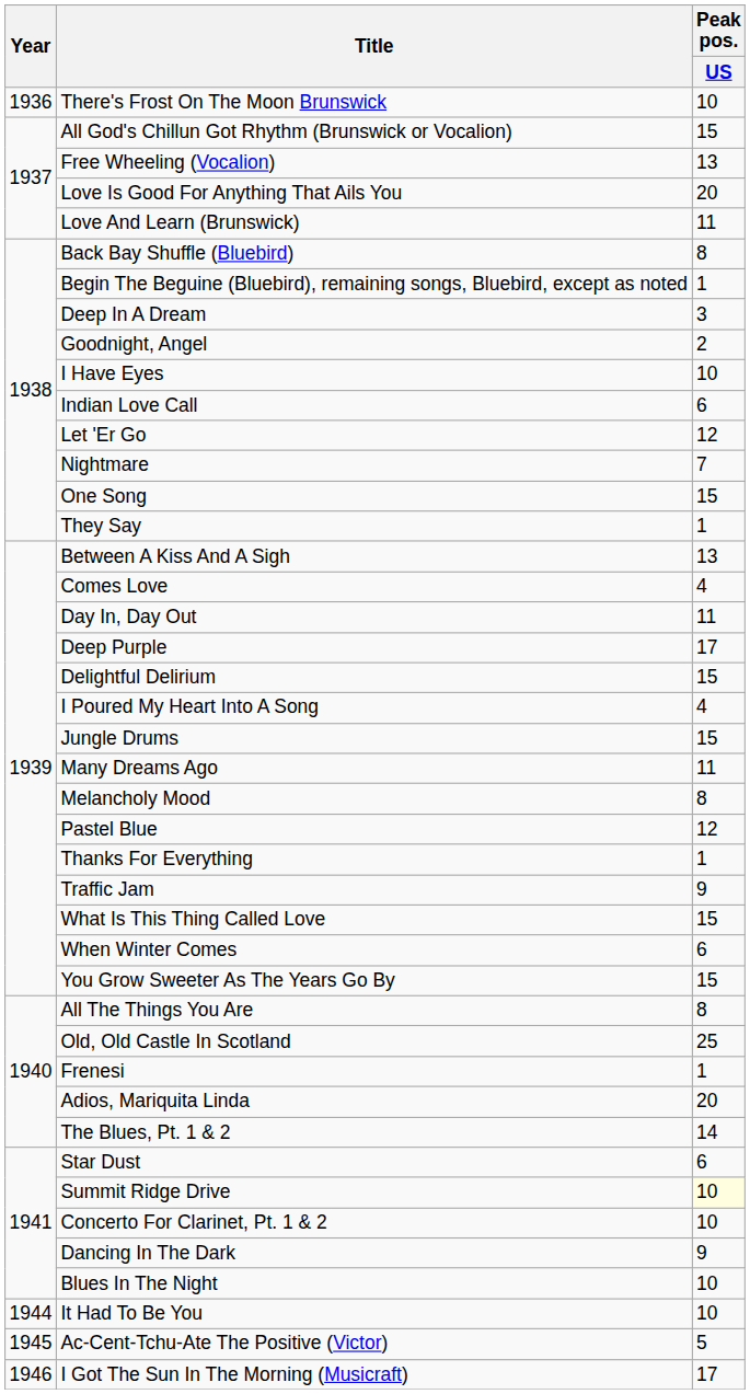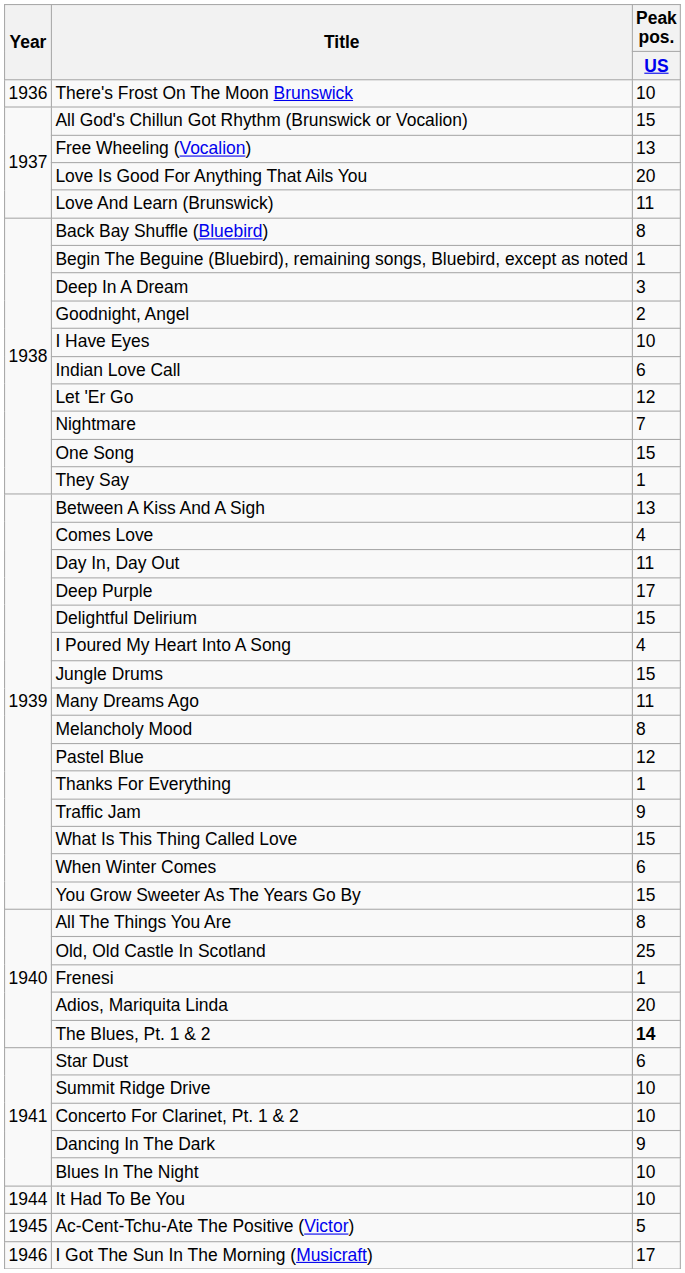 <table class="wikitable sortable">
 <tr>
 <th rowspan="2">Year</th>
 <th rowspan="2">Title</th>
 <th>Peak<br>pos.</th>
 </tr>
 <tr>
 <th><a href='#'>US</a></th>
 </tr>
 <tr>
 <td>1936</td>
 <td>There's Frost On The Moon <a href='#'>Brunswick</a></td>
 <td>10</td>
 </tr>
 <tr>
 <td rowspan="4">1937</td>
 <td>All God's Chillun Got Rhythm (Brunswick or Vocalion)</td>
 <td>15</td>
 </tr>
 <tr>
 <td>Free Wheeling (<a href='#'>Vocalion</a>)</td>
 <td>13</td>
 </tr>
 <tr>
 <td>Love Is Good For Anything That Ails You</td>
 <td>20</td>
 </tr>
 <tr>
 <td>Love And Learn (Brunswick)</td>
 <td>11</td>
 </tr>
 <tr>
 <td rowspan="10">1938</td>
 <td>Back Bay Shuffle (<a href='#'>Bluebird</a>)</td>
 <td>8</td>
 </tr>
 <tr>
 <td>Begin The Beguine (Bluebird), remaining songs, Bluebird, except as noted</td>
 <td>1</td>
 </tr>
 <tr>
 <td>Deep In A Dream</td>
 <td>3</td>
 </tr>
 <tr>
 <td>Goodnight, Angel</td>
 <td>2</td>
 </tr>
 <tr>
 <td>I Have Eyes</td>
 <td>10</td>
 </tr>
 <tr>
 <td>Indian Love Call</td>
 <td>6</td>
 </tr>
 <tr>
 <td>Let 'Er Go</td>
 <td>12</td>
 </tr>
 <tr>
 <td>Nightmare</td>
 <td>7</td>
 </tr>
 <tr>
 <td>One Song</td>
 <td>15</td>
 </tr>
 <tr>
 <td>They Say</td>
 <td>1</td>
 </tr>
 <tr>
 <td rowspan="15">1939</td>
 <td>Between A Kiss And A Sigh</td>
 <td>13</td>
 </tr>
 <tr>
 <td>Comes Love</td>
 <td>4</td>
 </tr>
 <tr>
 <td>Day In, Day Out</td>
 <td>11</td>
 </tr>
 <tr>
 <td>Deep Purple</td>
 <td>17</td>
 </tr>
 <tr>
 <td>Delightful Delirium</td>
 <td>15</td>
 </tr>
 <tr>
 <td>I Poured My Heart Into A Song</td>
 <td>4</td>
 </tr>
 <tr>
 <td>Jungle Drums</td>
 <td>15</td>
 </tr>
 <tr>
 <td>Many Dreams Ago</td>
 <td>11</td>
 </tr>
 <tr>
 <td>Melancholy Mood</td>
 <td>8</td>
 </tr>
 <tr>
 <td>Pastel Blue</td>
 <td>12</td>
 </tr>
 <tr>
 <td>Thanks For Everything</td>
 <td>1</td>
 </tr>
 <tr>
 <td>Traffic Jam</td>
 <td>9</td>
 </tr>
 <tr>
 <td>What Is This Thing Called Love</td>
 <td>15</td>
 </tr>
 <tr>
 <td>When Winter Comes</td>
 <td>6</td>
 </tr>
 <tr>
 <td>You Grow Sweeter As The Years Go By</td>
 <td>15</td>
 </tr>
 <tr>
 <td rowspan="5">1940</td>
 <td>All The Things You Are</td>
 <td>8</td>
 </tr>
 <tr>
 <td>Old, Old Castle In Scotland</td>
 <td>25</td>
 </tr>
 <tr>
 <td>Frenesi</td>
 <td>1</td>
 </tr>
 <tr>
 <td>Adios, Mariquita Linda</td>
 <td>20</td>
 </tr>
 <tr>
 <td>The Blues, Pt. 1 & 2</td>
-<td>14</td>
+<td><strong>14</strong></td>
 </tr>
 <tr>
 <td rowspan="5">1941</td>
 <td>Star Dust</td>
 <td>6</td>
 </tr>
 <tr>
 <td>Summit Ridge Drive</td>
-<td style="background: lightyellow;">10</td>
+<td>10</td>
 </tr>
 <tr>
 <td>Concerto For Clarinet, Pt. 1 & 2</td>
 <td>10</td>
 </tr>
 <tr>
 <td>Dancing In The Dark</td>
 <td>9</td>
 </tr>
 <tr>
 <td>Blues In The Night</td>
 <td>10</td>
 </tr>
 <tr>
 <td>1944</td>
 <td>It Had To Be You</td>
 <td>10</td>
 </tr>
 <tr>
 <td>1945</td>
 <td>Ac-Cent-Tchu-Ate The Positive (<a href='#'>Victor</a>)</td>
 <td>5</td>
 </tr>
 <tr>
 <td>1946</td>
 <td>I Got The Sun In The Morning (<a href='#'>Musicraft</a>)</td>
 <td>17</td>
 </tr>
 </table>
